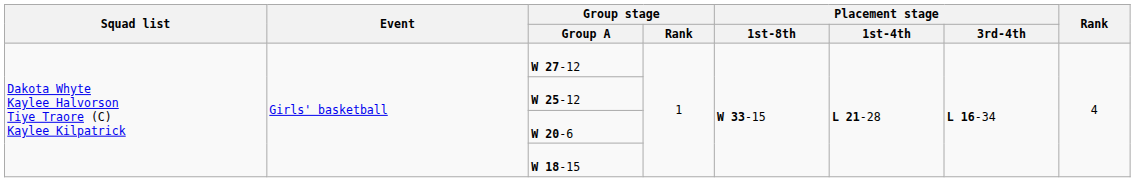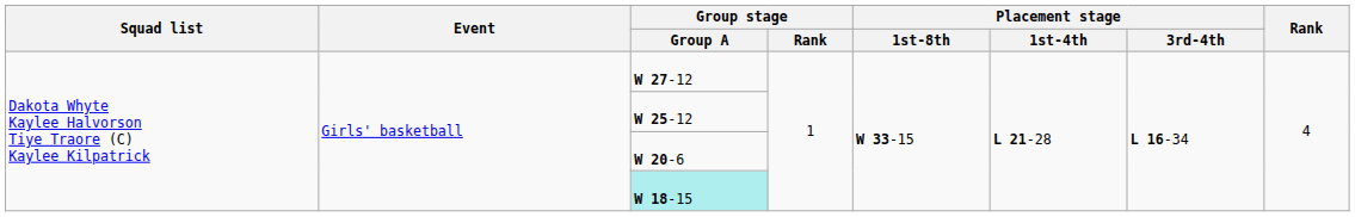 <table class="wikitable" width="90%" style="text-align:left; font-size:90%">
 <tr>
 <th rowspan="2">Squad list</th>
 <th rowspan="2">Event</th>
 <th colspan="2">Group stage</th>
 <th colspan="3">Placement stage</th>
 <th rowspan="2">Rank</th>
 </tr>
 <tr>
 <th>Group A</th>
 <th>Rank</th>
 <th>1st-8th</th>
 <th>1st-4th</th>
 <th>3rd-4th</th>
 </tr>
 <tr>
 <td rowspan="4"><a href='#'>Dakota Whyte</a><br><a href='#'>Kaylee Halvorson</a><br><a href='#'>Tiye Traore</a> (C)<br><a href='#'>Kaylee Kilpatrick</a></td>
 <td rowspan="4"><a href='#'>Girls' basketball</a></td>
 <td><br> <strong>W</strong> <strong>27</strong>-12</td>
 <td rowspan="4" align=center>1</td>
 <td rowspan="4"> <br> <strong>W</strong> <strong>33</strong>-15</td>
 <td rowspan="4"> <br> <strong>L</strong> <strong>21</strong>-28</td>
 <td rowspan="4"> <br> <strong>L</strong> <strong>16</strong>-34</td>
 <td rowspan="4" align="center">4</td>
 </tr>
 <tr>
 <td><br> <strong>W</strong> <strong>25</strong>-12</td>
 </tr>
 <tr>
 <td><br> <strong>W</strong> <strong>20</strong>-6</td>
 </tr>
 <tr>
-<td><br> <strong>W</strong> <strong>18</strong>-15</td>
+<td style="background: paleturquoise;"><br> <strong>W</strong> <strong>18</strong>-15</td>
 </tr>
 </table>
